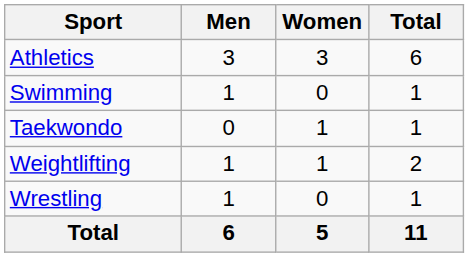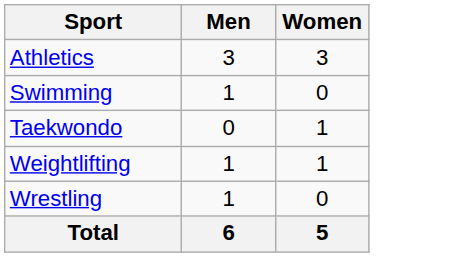 <table class="wikitable sortable" style="text-align:center;">
 <tr>
 <th width=120>Sport</th>
 <th width=60>Men</th>
 <th width=60>Women</th>
-<th width=60>Total</th>
 </tr>
 <tr>
 <td align=left><a href='#'>Athletics</a></td>
 <td>3</td>
 <td>3</td>
-<td>6</td>
 </tr>
 <tr>
 <td align=left><a href='#'>Swimming</a></td>
 <td>1</td>
 <td>0</td>
-<td>1</td>
 </tr>
 <tr>
 <td align=left><a href='#'>Taekwondo</a></td>
 <td>0</td>
-<td>1</td>
 <td>1</td>
 </tr>
 <tr>
 <td align=left><a href='#'>Weightlifting</a></td>
 <td>1</td>
 <td>1</td>
-<td>2</td>
 </tr>
 <tr>
 <td align=left><a href='#'>Wrestling</a></td>
 <td>1</td>
 <td>0</td>
-<td>1</td>
 </tr>
 <tr>
 <th>Total</th>
 <th>6</th>
 <th>5</th>
-<th>11</th>
 </tr>
 </table>
